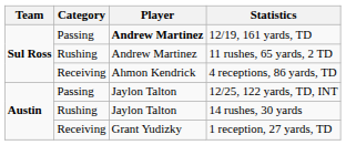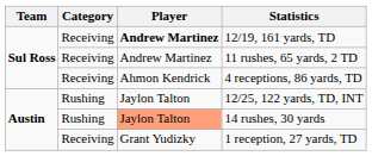 <table class="wikitable" style="float: right;">
 <tr>
 <th>Team</th>
 <th>Category</th>
 <th>Player</th>
 <th>Statistics</th>
 </tr>
 <tr>
 <td rowspan=3><strong>Sul Ross</strong></td>
-<td>Passing</td>
+<td>Receiving</td>
 <td><strong>Andrew Martinez</strong></td>
 <td>12/19, 161 yards, TD</td>
 </tr>
 <tr>
-<td>Rushing</td>
+<td>Receiving</td>
 <td>Andrew Martinez</td>
 <td>11 rushes, 65 yards, 2 TD</td>
 </tr>
 <tr>
 <td>Receiving</td>
 <td>Ahmon Kendrick</td>
 <td>4 receptions, 86 yards, TD</td>
 </tr>
 <tr>
 <td rowspan=3><strong>Austin</strong></td>
-<td>Passing</td>
+<td>Rushing</td>
 <td>Jaylon Talton</td>
 <td>12/25, 122 yards, TD, INT</td>
 </tr>
 <tr>
 <td>Rushing</td>
-<td>Jaylon Talton</td>
+<td style="background: lightsalmon;">Jaylon Talton</td>
 <td>14 rushes, 30 yards</td>
 </tr>
 <tr>
 <td>Receiving</td>
 <td>Grant Yudizky</td>
 <td>1 reception, 27 yards, TD</td>
 </tr>
 </table>
